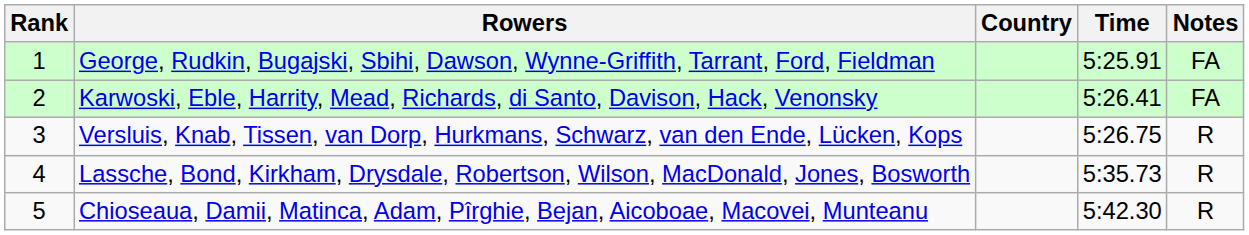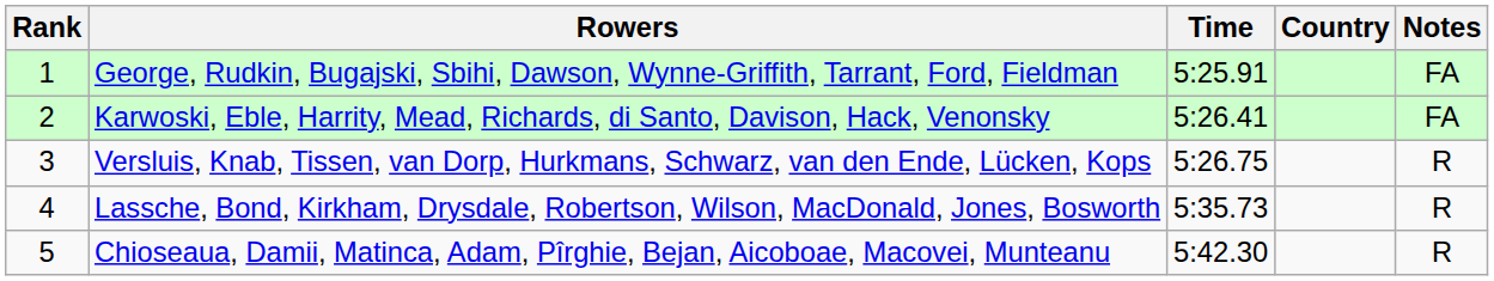 <table class="wikitable" style="text-align:center">
 <tr>
 <th>Rank</th>
 <th>Rowers</th>
+<th>Time</th>
 <th>Country</th>
-<th>Time</th>
 <th>Notes</th>
 </tr>
 <tr bgcolor=ccffcc>
 <td>1</td>
 <td align="left"><a href='#'>George</a>, <a href='#'>Rudkin</a>, <a href='#'>Bugajski</a>, <a href='#'>Sbihi</a>, <a href='#'>Dawson</a>, <a href='#'>Wynne-Griffith</a>, <a href='#'>Tarrant</a>, <a href='#'>Ford</a>, <a href='#'>Fieldman</a></td>
+<td>5:25.91</td>
 <td align="left"></td>
-<td>5:25.91</td>
 <td>FA</td>
 </tr>
 <tr bgcolor=ccffcc>
 <td>2</td>
 <td align="left"><a href='#'>Karwoski</a>, <a href='#'>Eble</a>, <a href='#'>Harrity</a>, <a href='#'>Mead</a>, <a href='#'>Richards</a>, <a href='#'>di Santo</a>, <a href='#'>Davison</a>, <a href='#'>Hack</a>, <a href='#'>Venonsky</a></td>
+<td>5:26.41</td>
 <td align="left"></td>
-<td>5:26.41</td>
 <td>FA</td>
 </tr>
 <tr>
 <td>3</td>
 <td align="left"><a href='#'>Versluis</a>, <a href='#'>Knab</a>, <a href='#'>Tissen</a>, <a href='#'>van Dorp</a>, <a href='#'>Hurkmans</a>, <a href='#'>Schwarz</a>, <a href='#'>van den Ende</a>, <a href='#'>Lücken</a>, <a href='#'>Kops</a></td>
+<td>5:26.75</td>
 <td align="left"></td>
-<td>5:26.75</td>
 <td>R</td>
 </tr>
 <tr>
 <td>4</td>
 <td align="left"><a href='#'>Lassche</a>, <a href='#'>Bond</a>, <a href='#'>Kirkham</a>, <a href='#'>Drysdale</a>, <a href='#'>Robertson</a>, <a href='#'>Wilson</a>, <a href='#'>MacDonald</a>, <a href='#'>Jones</a>, <a href='#'>Bosworth</a></td>
+<td>5:35.73</td>
 <td align="left"></td>
-<td>5:35.73</td>
 <td>R</td>
 </tr>
 <tr>
 <td>5</td>
 <td align="left"><a href='#'>Chioseaua</a>, <a href='#'>Damii</a>, <a href='#'>Matinca</a>, <a href='#'>Adam</a>, <a href='#'>Pîrghie</a>, <a href='#'>Bejan</a>, <a href='#'>Aicoboae</a>, <a href='#'>Macovei</a>, <a href='#'>Munteanu</a></td>
+<td>5:42.30</td>
 <td align="left"></td>
-<td>5:42.30</td>
 <td>R</td>
 </tr>
 </table>
